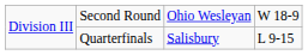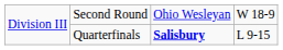 <table class="wikitable">
 <tr>
 <td rowspan="2"><a href='#'>Division III</a></td>
 <td>Second Round</td>
 <td><a href='#'>Ohio Wesleyan</a></td>
 <td>W 18-9</td>
 </tr>
 <tr>
 <td>Quarterfinals</td>
-<td><a href='#'>Salisbury</a></td>
+<td><strong><a href='#'>Salisbury</a></strong></td>
 <td>L 9-15</td>
 </tr>
 </table>
